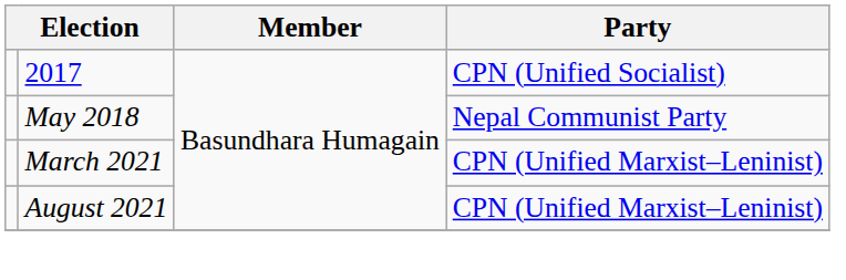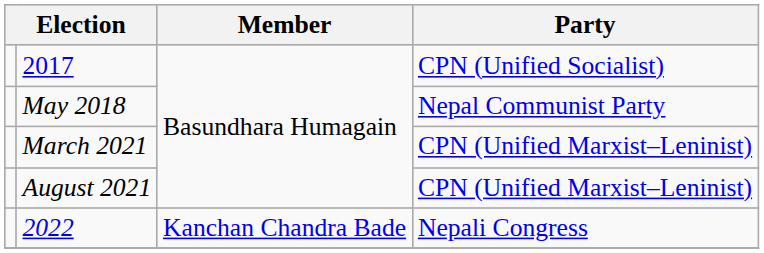 <table class="wikitable">
 <tr>
 <th colspan="2">Election</th>
 <th>Member</th>
 <th>Party</th>
 </tr>
 <tr>
 <td style="background-color:"></td>
 <td><a href='#'>2017</a></td>
 <td rowspan="4">Basundhara Humagain</td>
 <td><a href='#'>CPN (Unified Socialist)</a></td>
 </tr>
 <tr>
 <td style="background-color:"></td>
 <td><em>May 2018</em></td>
 <td><a href='#'>Nepal Communist Party</a></td>
 </tr>
 <tr>
 <td style="background-color:"></td>
 <td><em>March 2021</em></td>
 <td><a href='#'>CPN (Unified Marxist–Leninist)</a></td>
 </tr>
 <tr>
 <td style="background-color:"></td>
 <td><em>August 2021</em></td>
 <td><a href='#'>CPN (Unified Marxist–Leninist)</a></td>
 </tr>
 <tr>
+<td style="background-color:"></td>
+<td><em><a href='#'>2022</a></em></td>
+<td><a href='#'>Kanchan Chandra Bade</a></td>
+<td><a href='#'>Nepali Congress</a></td>
+</tr>
+<tr>
 </tr>
 </table>
